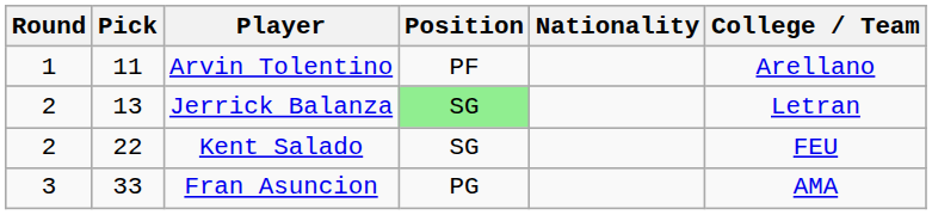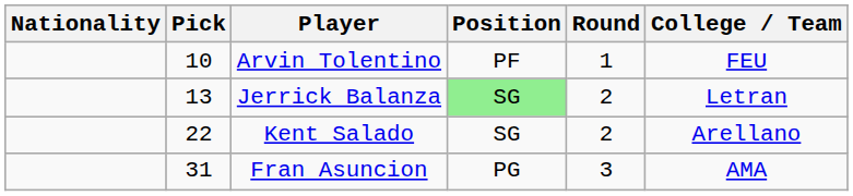 <table class="wikitable sortable sortable" style="text-align:center">
 <tr>
-<th>Round</th>
+<th>Nationality</th>
 <th>Pick</th>
 <th>Player</th>
 <th>Position</th>
-<th>Nationality</th>
+<th>Round</th>
 <th>College / Team</th>
 </tr>
 <tr>
-<td>1</td>
-<td>11</td>
+<td></td>
+<td>10</td>
 <td><a href='#'>Arvin Tolentino</a></td>
 <td>PF</td>
+<td>1</td>
+<td><a href='#'>FEU</a></td>
+</tr>
+<tr>
 <td></td>
+<td>13</td>
+<td><a href='#'>Jerrick Balanza</a></td>
+<td style="background: lightgreen;">SG</td>
+<td>2</td>
+<td><a href='#'>Letran</a></td>
+</tr>
+<tr>
+<td></td>
+<td>22</td>
+<td><a href='#'>Kent Salado</a></td>
+<td>SG</td>
+<td>2</td>
 <td><a href='#'>Arellano</a></td>
 </tr>
 <tr>
-<td>2</td>
-<td>13</td>
-<td><a href='#'>Jerrick Balanza</a></td>
-<td style="background: lightgreen;">SG</td>
 <td></td>
-<td><a href='#'>Letran</a></td>
-</tr>
-<tr>
-<td>2</td>
-<td>22</td>
-<td><a href='#'>Kent Salado</a></td>
-<td>SG</td>
-<td></td>
-<td><a href='#'>FEU</a></td>
-</tr>
-<tr>
-<td>3</td>
-<td>33</td>
+<td>31</td>
 <td><a href='#'>Fran Asuncion</a></td>
 <td>PG</td>
-<td></td>
+<td>3</td>
 <td><a href='#'>AMA</a></td>
 </tr>
 </table>
